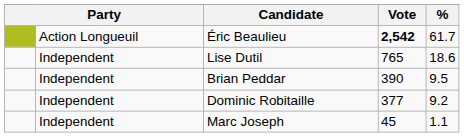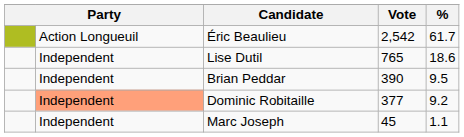 <table class="wikitable">
 <tr>
 </tr>
 <tr>
 <th bgcolor="#DDDDFF" width="230px" colspan="2">Party</th>
 <th bgcolor="#DDDDFF" width="200px">Candidate</th>
 <th bgcolor="#DDDDFF" width="50px">Vote</th>
 <th bgcolor="#DDDDFF" width="30px">%</th>
 </tr>
 <tr>
 <td bgcolor=#AFBD22 width="30px"> </td>
 <td>Action Longueuil</td>
 <td>Éric Beaulieu</td>
-<td><strong>2,542</strong></td>
+<td>2,542</td>
 <td>61.7</td>
 </tr>
 <tr>
 <td> </td>
 <td>Independent</td>
 <td>Lise Dutil</td>
 <td>765</td>
 <td>18.6</td>
 </tr>
 <tr>
 <td> </td>
 <td>Independent</td>
 <td>Brian Peddar</td>
 <td>390</td>
 <td>9.5</td>
 </tr>
 <tr>
 <td> </td>
-<td>Independent</td>
+<td style="background: lightsalmon;">Independent</td>
 <td>Dominic Robitaille</td>
 <td>377</td>
 <td>9.2</td>
 </tr>
 <tr>
 <td> </td>
 <td>Independent</td>
 <td>Marc Joseph</td>
 <td>45</td>
 <td>1.1</td>
 </tr>
 </table>
